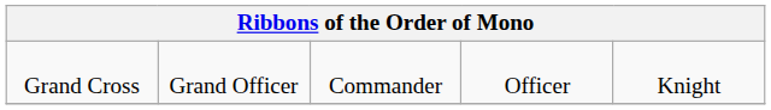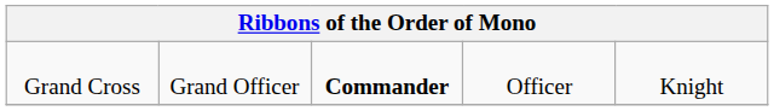 <table class="wikitable" style="margin:1em auto; width:60%;">
 <tr>
 <th colspan=5><a href='#'>Ribbons</a> of the Order of Mono</th>
 </tr>
 <tr>
 <td width=20% valign=center align=center><br>Grand Cross</td>
 <td width=20% valign=center align=center><br>Grand Officer</td>
-<td width=20% valign=center align=center><br>Commander</td>
+<td width=20% valign=center align=center><strong><br>Commander</strong></td>
 <td width=20% valign=center align=center><br>Officer</td>
 <td width=20% valign=center align=center><br>Knight</td>
 </tr>
 <tr>
 </tr>
 </table>
